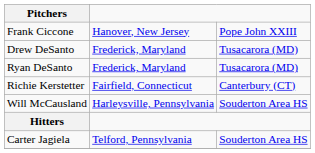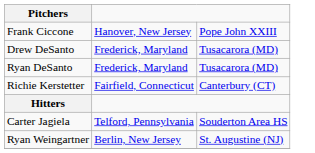 <table class="wikitable">
 <tr>
 <th>Pitchers</th>
 </tr>
 <tr>
 <td>Frank Ciccone</td>
 <td><a href='#'>Hanover, New Jersey</a></td>
 <td><a href='#'>Pope John XXIII</a></td>
 </tr>
 <tr>
 <td>Drew DeSanto</td>
 <td><a href='#'>Frederick, Maryland</a></td>
 <td><a href='#'>Tusacarora (MD)</a></td>
 </tr>
 <tr>
 <td>Ryan DeSanto</td>
 <td><a href='#'>Frederick, Maryland</a></td>
 <td><a href='#'>Tusacarora (MD)</a></td>
 </tr>
 <tr>
 <td>Richie Kerstetter</td>
 <td><a href='#'>Fairfield, Connecticut</a></td>
 <td><a href='#'>Canterbury (CT)</a></td>
 </tr>
 <tr>
-<td>Will McCausland</td>
-<td><a href='#'>Harleysville, Pennsylvania</a></td>
-<td><a href='#'>Souderton Area HS</a></td>
-</tr>
-<tr>
 <th>Hitters</th>
 </tr>
 <tr>
 <td>Carter Jagiela</td>
 <td><a href='#'>Telford, Pennsylvania</a></td>
 <td><a href='#'>Souderton Area HS</a></td>
 </tr>
 <tr>
+<td>Ryan Weingartner</td>
+<td><a href='#'>Berlin, New Jersey</a></td>
+<td><a href='#'>St. Augustine (NJ)</a></td>
+</tr>
+<tr>
 </tr>
 </table>
